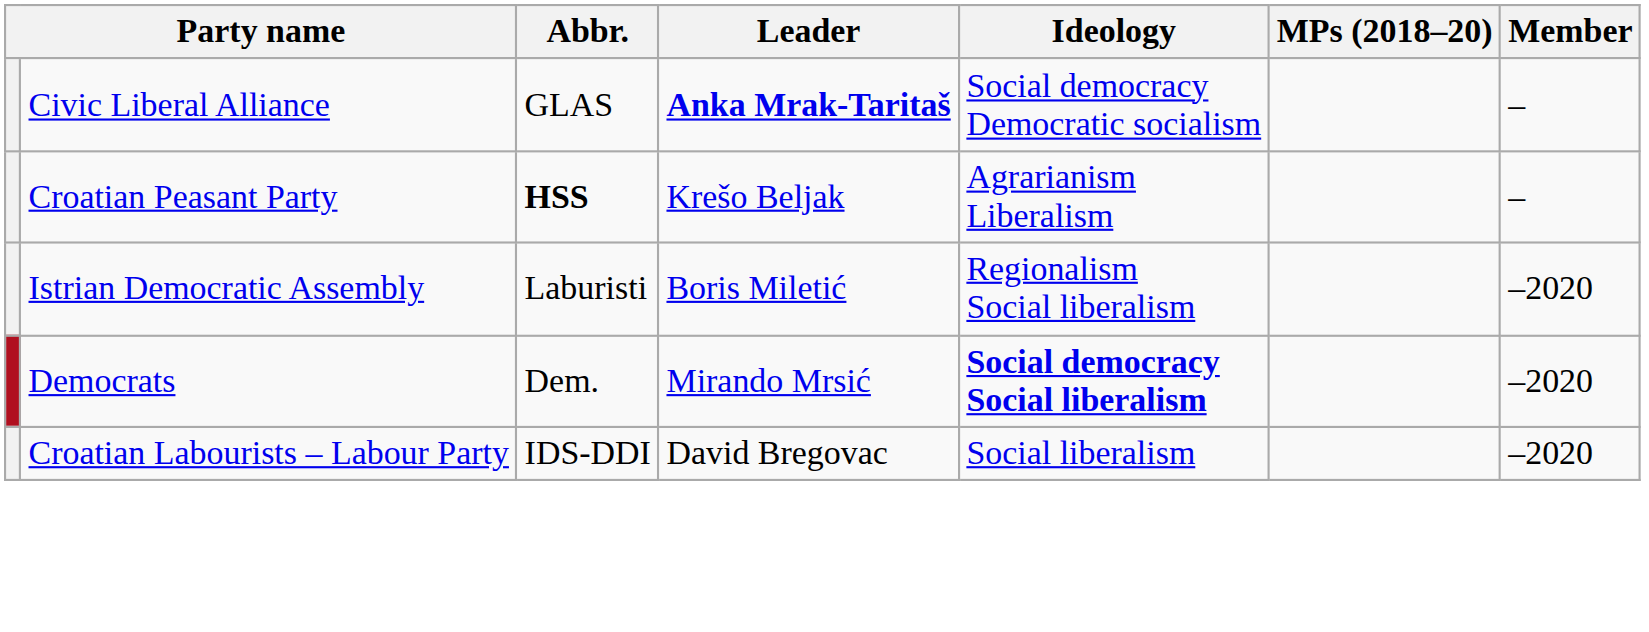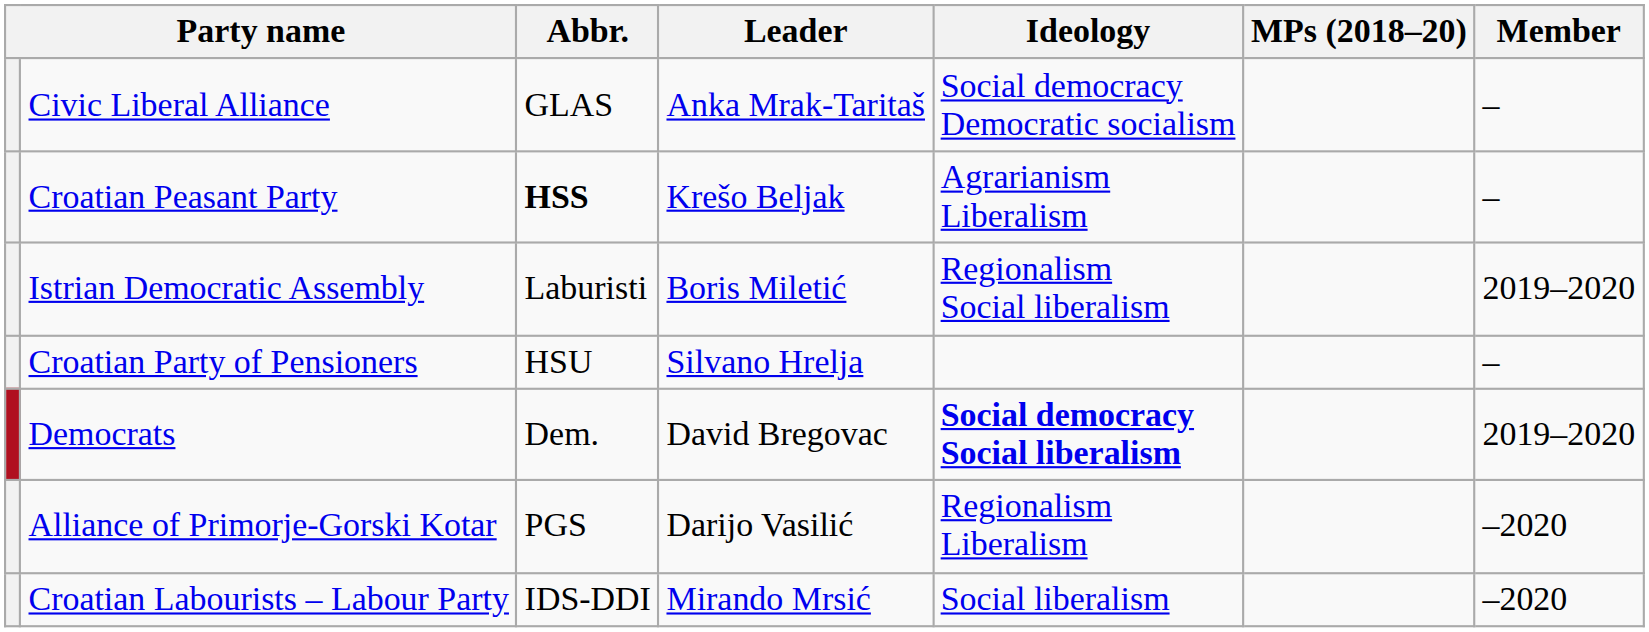 <table class="wikitable" style="text-align:left;">
 <tr>
 <th colspan="2">Party name</th>
 <th>Abbr.</th>
 <th>Leader</th>
 <th>Ideology</th>
 <th>MPs (2018–20)</th>
 <th>Member</th>
 </tr>
 <tr>
 <th style="background-color: "></th>
 <td><a href='#'>Civic Liberal Alliance</a></td>
 <td>GLAS</td>
-<td><strong><a href='#'>Anka Mrak-Taritaš</a></strong></td>
+<td><a href='#'>Anka Mrak-Taritaš</a></td>
 <td><a href='#'>Social democracy</a><br><a href='#'>Democratic socialism</a></td>
 <td></td>
 <td>–</td>
 </tr>
 <tr>
 <th style="background-color: "></th>
 <td><a href='#'>Croatian Peasant Party</a></td>
 <td><strong>HSS</strong></td>
 <td><a href='#'>Krešo Beljak</a></td>
 <td><a href='#'>Agrarianism</a><br><a href='#'>Liberalism</a></td>
 <td></td>
 <td>–</td>
 </tr>
 <tr>
 <th style="background-color: "></th>
 <td><a href='#'>Istrian Democratic Assembly</a></td>
 <td>Laburisti</td>
 <td><a href='#'>Boris Miletić</a></td>
 <td><a href='#'>Regionalism</a><br><a href='#'>Social liberalism</a></td>
 <td></td>
-<td>–2020</td>
+<td>2019–2020</td>
+</tr>
+<tr>
+<th style="background-color: "></th>
+<td><a href='#'>Croatian Party of Pensioners</a></td>
+<td>HSU</td>
+<td><a href='#'>Silvano Hrelja</a></td>
+<td></td>
+<td></td>
+<td>–</td>
 </tr>
 <tr>
 <th style="background-color:#B00F1F"></th>
 <td><a href='#'>Democrats</a></td>
 <td>Dem.</td>
-<td><a href='#'>Mirando Mrsić</a></td>
+<td>David Bregovac</td>
 <td><strong><a href='#'>Social democracy</a><br><a href='#'>Social liberalism</a></strong></td>
+<td></td>
+<td>2019–2020</td>
+</tr>
+<tr>
+<th style="background-color: "></th>
+<td><a href='#'>Alliance of Primorje-Gorski Kotar</a></td>
+<td>PGS</td>
+<td>Darijo Vasilić</td>
+<td><a href='#'>Regionalism</a><br><a href='#'>Liberalism</a></td>
 <td></td>
 <td>–2020</td>
 </tr>
 <tr>
 <th style="background-color: "></th>
 <td><a href='#'>Croatian Labourists – Labour Party</a></td>
 <td>IDS-DDI</td>
-<td>David Bregovac</td>
+<td><a href='#'>Mirando Mrsić</a></td>
 <td><a href='#'>Social liberalism</a></td>
 <td></td>
 <td>–2020</td>
 </tr>
 </table>
